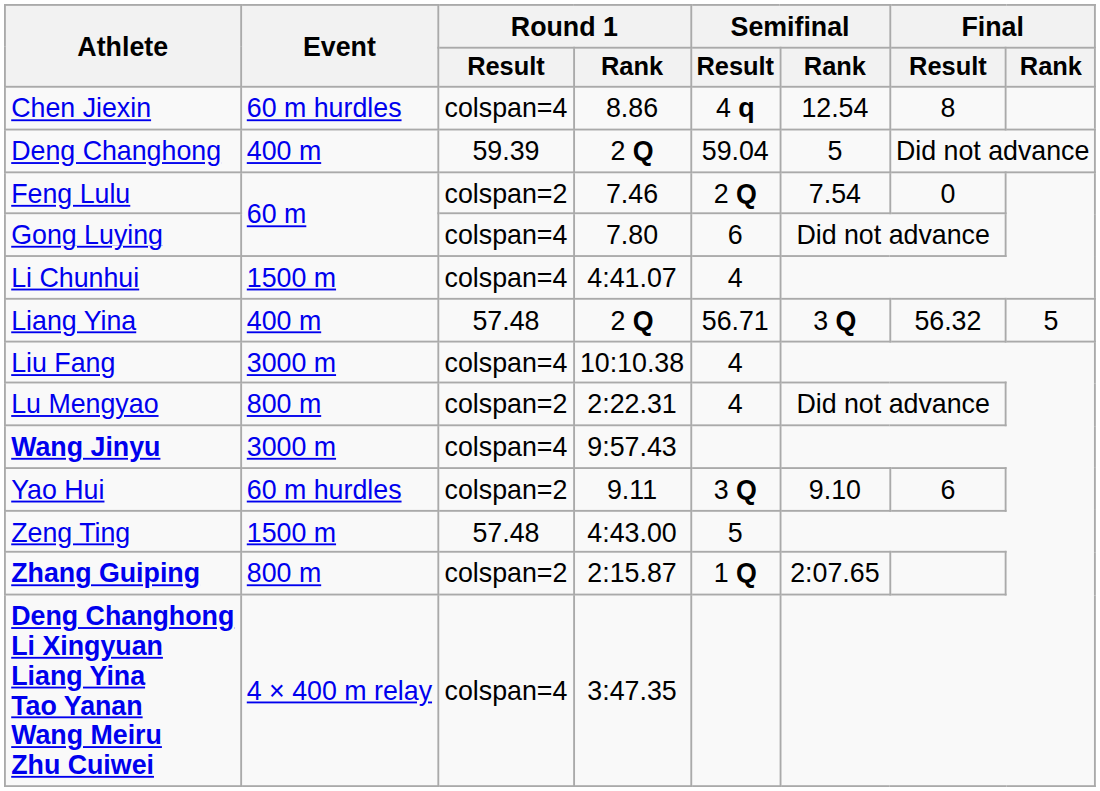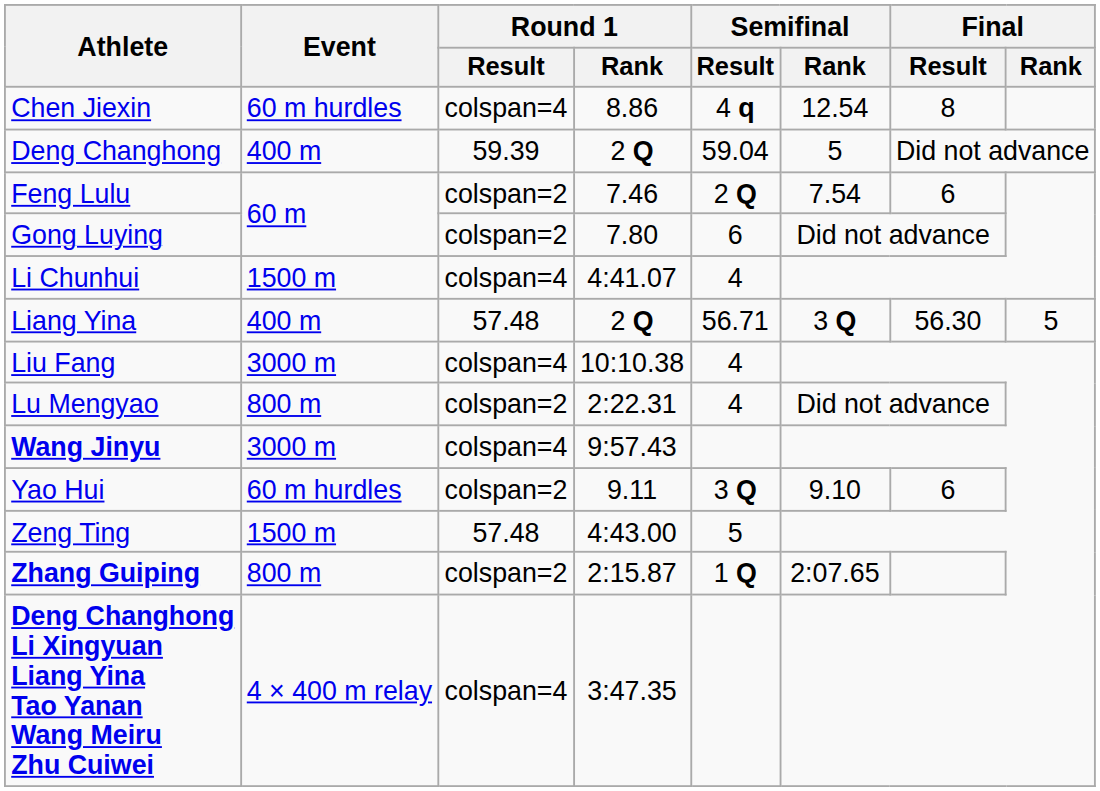 <table class="wikitable" style="font-size:90%">
 <tr>
 <th rowspan="2">Athlete</th>
 <th rowspan="2">Event</th>
 <th colspan="2">Round 1</th>
 <th colspan="2">Semifinal</th>
 <th colspan="2">Final</th>
 </tr>
 <tr style="font-size:95%">
 <th>Result</th>
 <th>Rank</th>
 <th>Result</th>
 <th>Rank</th>
 <th>Result</th>
 <th>Rank</th>
 </tr>
 <tr align=center>
 <td align=left><a href='#'>Chen Jiexin</a></td>
 <td align=left rowspan=1><a href='#'>60 m hurdles</a></td>
 <td>colspan=4 </td>
 <td>8.86</td>
 <td>4 <strong>q</strong></td>
 <td>12.54</td>
 <td>8</td>
 </tr>
 <tr align=center>
 <td align=left><a href='#'>Deng Changhong</a></td>
 <td align=left rowspan=1><a href='#'>400 m</a></td>
 <td>59.39</td>
 <td>2 <strong>Q</strong></td>
 <td>59.04</td>
 <td>5</td>
 <td colspan=2>Did not advance</td>
 </tr>
 <tr align=center>
 <td align=left><a href='#'>Feng Lulu</a></td>
 <td align=left rowspan=2><a href='#'>60 m</a></td>
 <td>colspan=2 </td>
 <td>7.46</td>
 <td>2 <strong>Q</strong></td>
 <td>7.54</td>
-<td>0</td>
+<td>6</td>
 </tr>
 <tr align=center>
 <td align=left><a href='#'>Gong Luying</a></td>
-<td>colspan=4 </td>
+<td>colspan=2 </td>
 <td>7.80</td>
 <td>6</td>
 <td colspan=2>Did not advance</td>
 </tr>
 <tr align=center>
 <td align=left><a href='#'>Li Chunhui</a></td>
 <td align=left rowspan=1><a href='#'>1500 m</a></td>
 <td>colspan=4 </td>
 <td>4:41.07</td>
 <td>4</td>
 </tr>
 <tr align=center>
 <td align=left><a href='#'>Liang Yina</a></td>
 <td align=left rowspan=1><a href='#'>400 m</a></td>
 <td>57.48</td>
 <td>2 <strong>Q</strong></td>
 <td>56.71</td>
 <td>3 <strong>Q</strong></td>
-<td>56.32</td>
+<td>56.30</td>
 <td>5</td>
 </tr>
 <tr align=center>
 <td align=left><a href='#'>Liu Fang</a></td>
 <td align=left rowspan=1><a href='#'>3000 m</a></td>
 <td>colspan=4 </td>
 <td>10:10.38</td>
 <td>4</td>
 </tr>
 <tr align=center>
 <td align=left><a href='#'>Lu Mengyao</a></td>
 <td align=left rowspan=1><a href='#'>800 m</a></td>
 <td>colspan=2 </td>
 <td>2:22.31</td>
 <td>4</td>
 <td colspan=2>Did not advance</td>
 </tr>
 <tr align=center>
 <td align=left><strong><a href='#'>Wang Jinyu</a></strong></td>
 <td align=left rowspan=1><a href='#'>3000 m</a></td>
 <td>colspan=4 </td>
 <td>9:57.43</td>
 <td></td>
 </tr>
 <tr align=center>
 <td align=left><a href='#'>Yao Hui</a></td>
 <td align=left rowspan=1><a href='#'>60 m hurdles</a></td>
 <td>colspan=2 </td>
 <td>9.11</td>
 <td>3 <strong>Q</strong></td>
 <td>9.10</td>
 <td>6</td>
 </tr>
 <tr align=center>
 <td align=left><a href='#'>Zeng Ting</a></td>
 <td align=left rowspan=1><a href='#'>1500 m</a></td>
 <td>57.48</td>
 <td>4:43.00</td>
 <td>5</td>
 </tr>
 <tr align=center>
 <td align=left><strong><a href='#'>Zhang Guiping</a></strong></td>
 <td align=left rowspan=1><a href='#'>800 m</a></td>
 <td>colspan=2 </td>
 <td>2:15.87</td>
 <td>1 <strong>Q</strong></td>
 <td>2:07.65</td>
 <td></td>
 </tr>
 <tr align=center>
 <td align=left><strong><a href='#'>Deng Changhong</a><br><a href='#'>Li Xingyuan</a><br><a href='#'>Liang Yina</a><br><a href='#'>Tao Yanan</a><br><a href='#'>Wang Meiru</a><br><a href='#'>Zhu Cuiwei</a></strong></td>
 <td align=left><a href='#'>4 × 400 m relay</a></td>
 <td>colspan=4 </td>
 <td>3:47.35</td>
 <td></td>
 </tr>
 </table>
